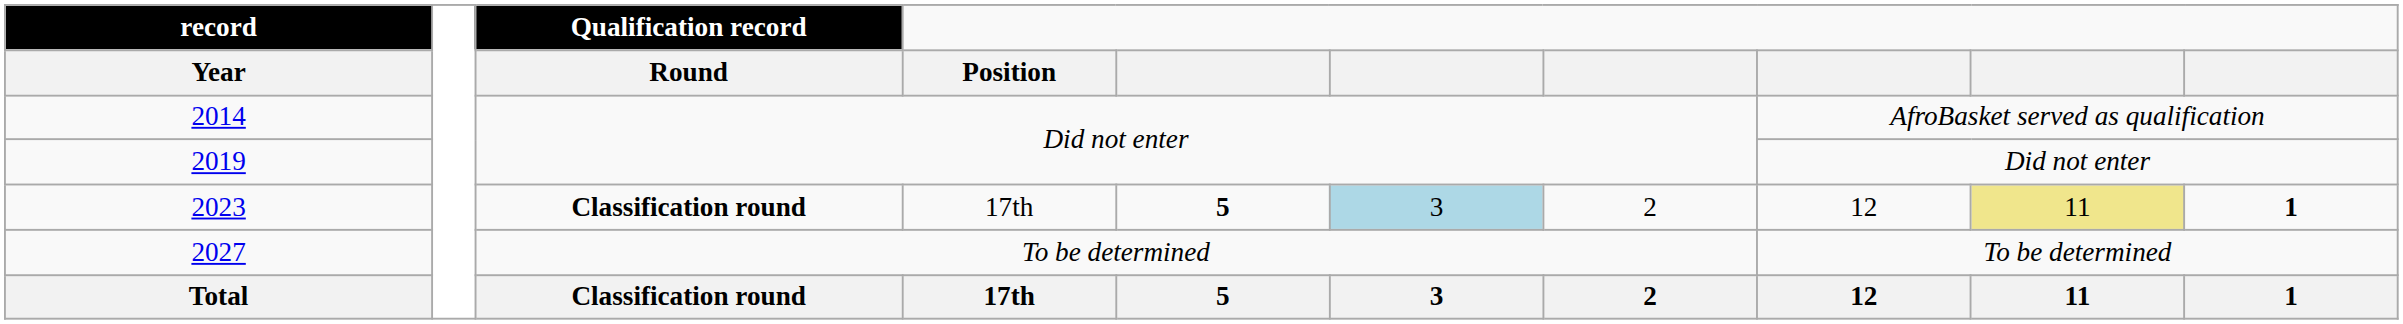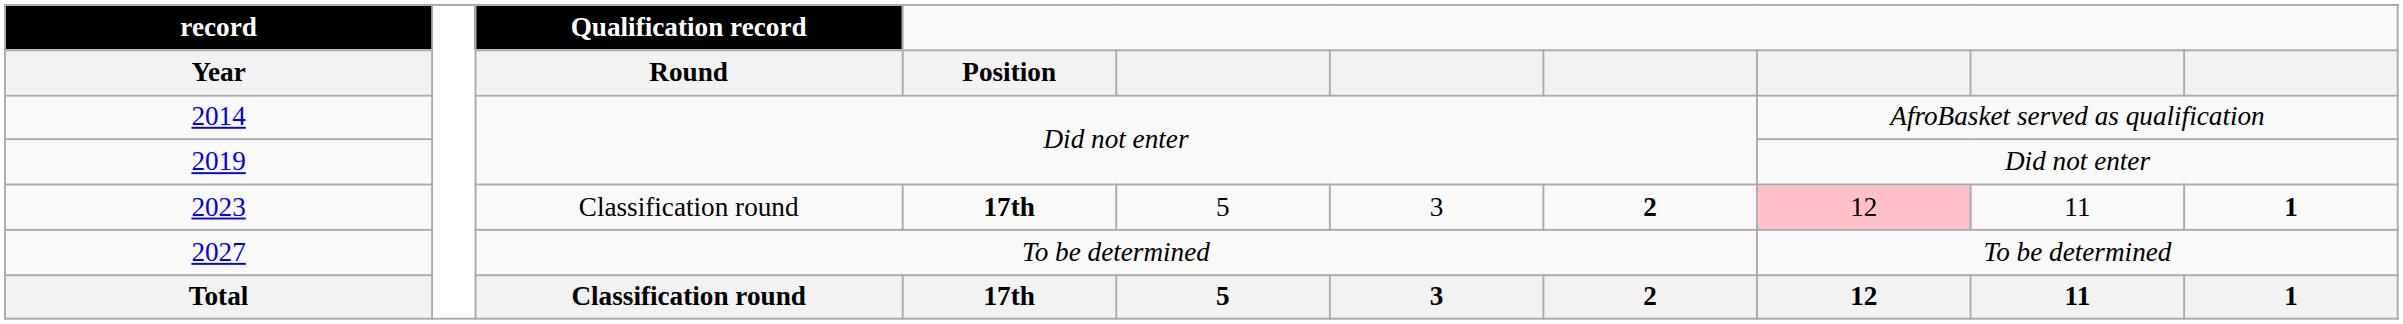 <table class="wikitable" style="font-size:90%; text-align:center;" width="80%">
 <tr>
 <th style="background:#000000; color:#FFFFFF; "><a href='#'></a> record</th>
 <th style="background:white" rowspan="7" width="1%"></th>
 <th style="background:#000000; color:#FFFFFF; ">Qualification record</th>
 </tr>
 <tr>
 <th width="10%">Year</th>
 <th width="10%">Round</th>
 <th width="5%">Position</th>
 <th width="5%"></th>
 <th width="5%"></th>
 <th width="5%"></th>
 <th width="5%"></th>
 <th width="5%"></th>
 <th width="5%"></th>
 </tr>
 <tr>
 <td> <a href='#'>2014</a></td>
 <td rowspan=2 colspan=5><em>Did not enter</em></td>
 <td colspan="3"><em>AfroBasket served as qualification</em></td>
 </tr>
 <tr>
 <td> <a href='#'>2019</a></td>
 <td colspan="3"><em>Did not enter</em></td>
 </tr>
 <tr>
 <td>   <a href='#'>2023</a></td>
-<td><strong>Classification round</strong></td>
-<td>17th</td>
-<td><strong>5</strong></td>
-<td style="background: lightblue;">3</td>
-<td>2</td>
-<td>12</td>
-<td style="background: khaki;">11</td>
+<td>Classification round</td>
+<td><strong>17th</strong></td>
+<td>5</td>
+<td>3</td>
+<td><strong>2</strong></td>
+<td style="background: pink;">12</td>
+<td>11</td>
 <td><strong>1</strong></td>
 </tr>
 <tr>
 <td> <a href='#'>2027</a></td>
 <td colspan=5><em>To be determined</em></td>
 <td colspan="3"><em>To be determined</em></td>
 </tr>
 <tr>
 <th>Total</th>
 <th>Classification round</th>
 <th>17th</th>
 <th>5</th>
 <th>3</th>
 <th>2</th>
 <th>12</th>
 <th>11</th>
 <th>1</th>
 </tr>
 </table>
